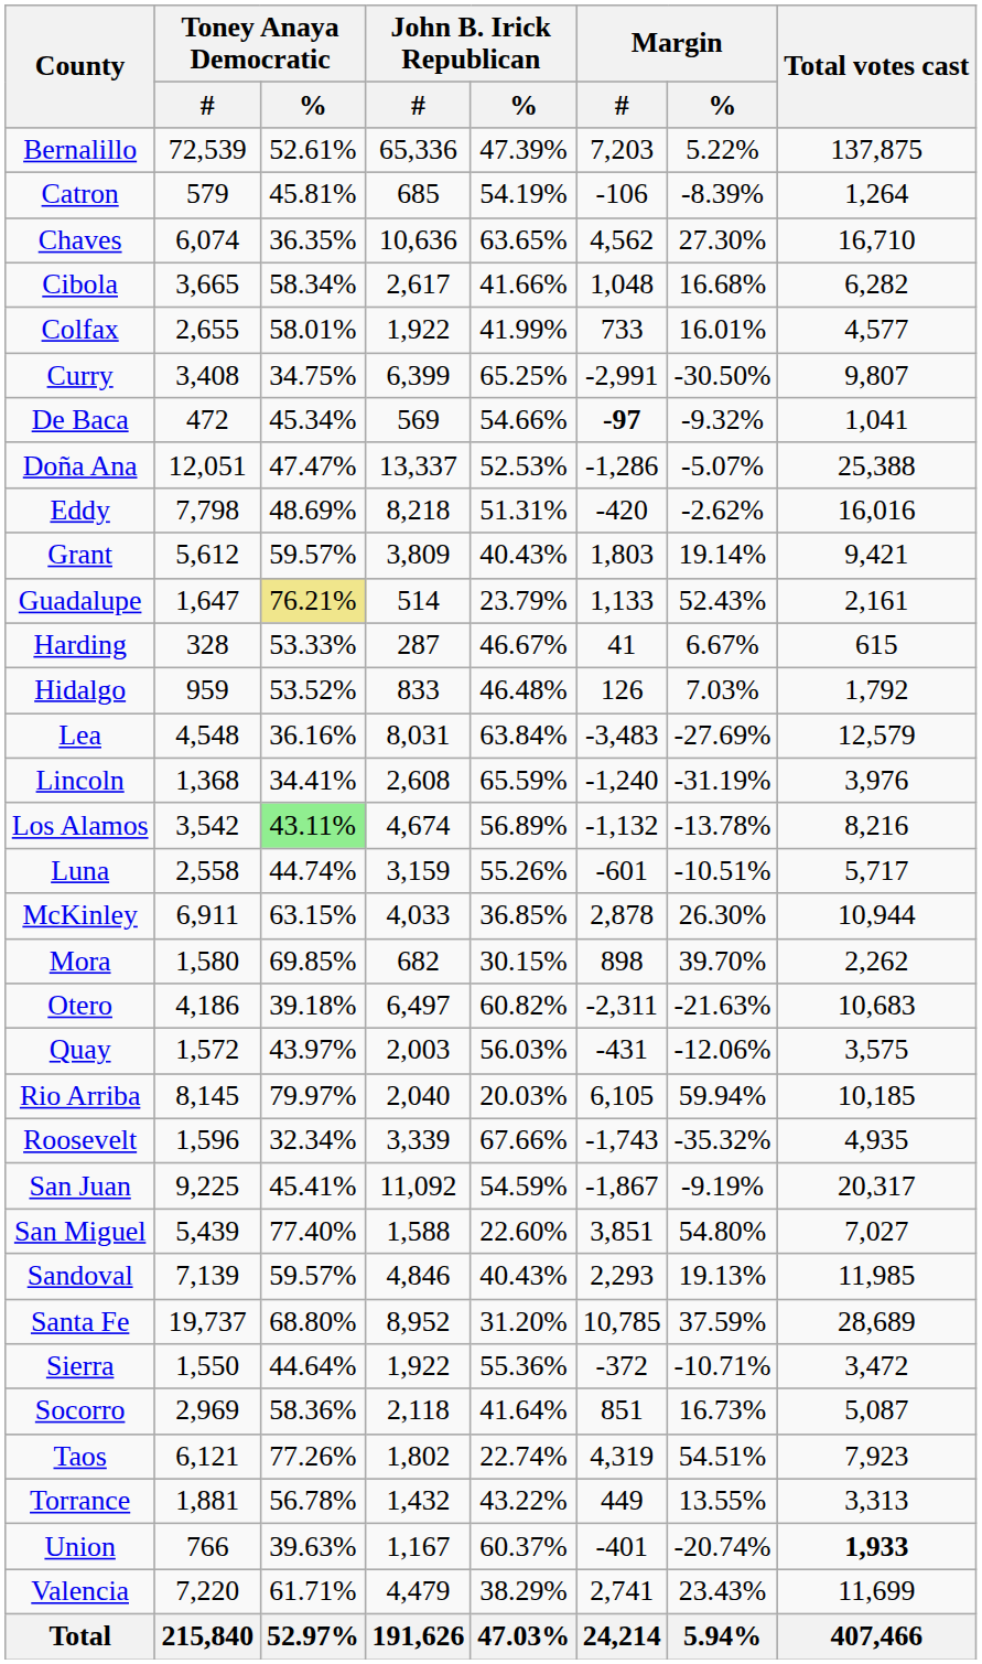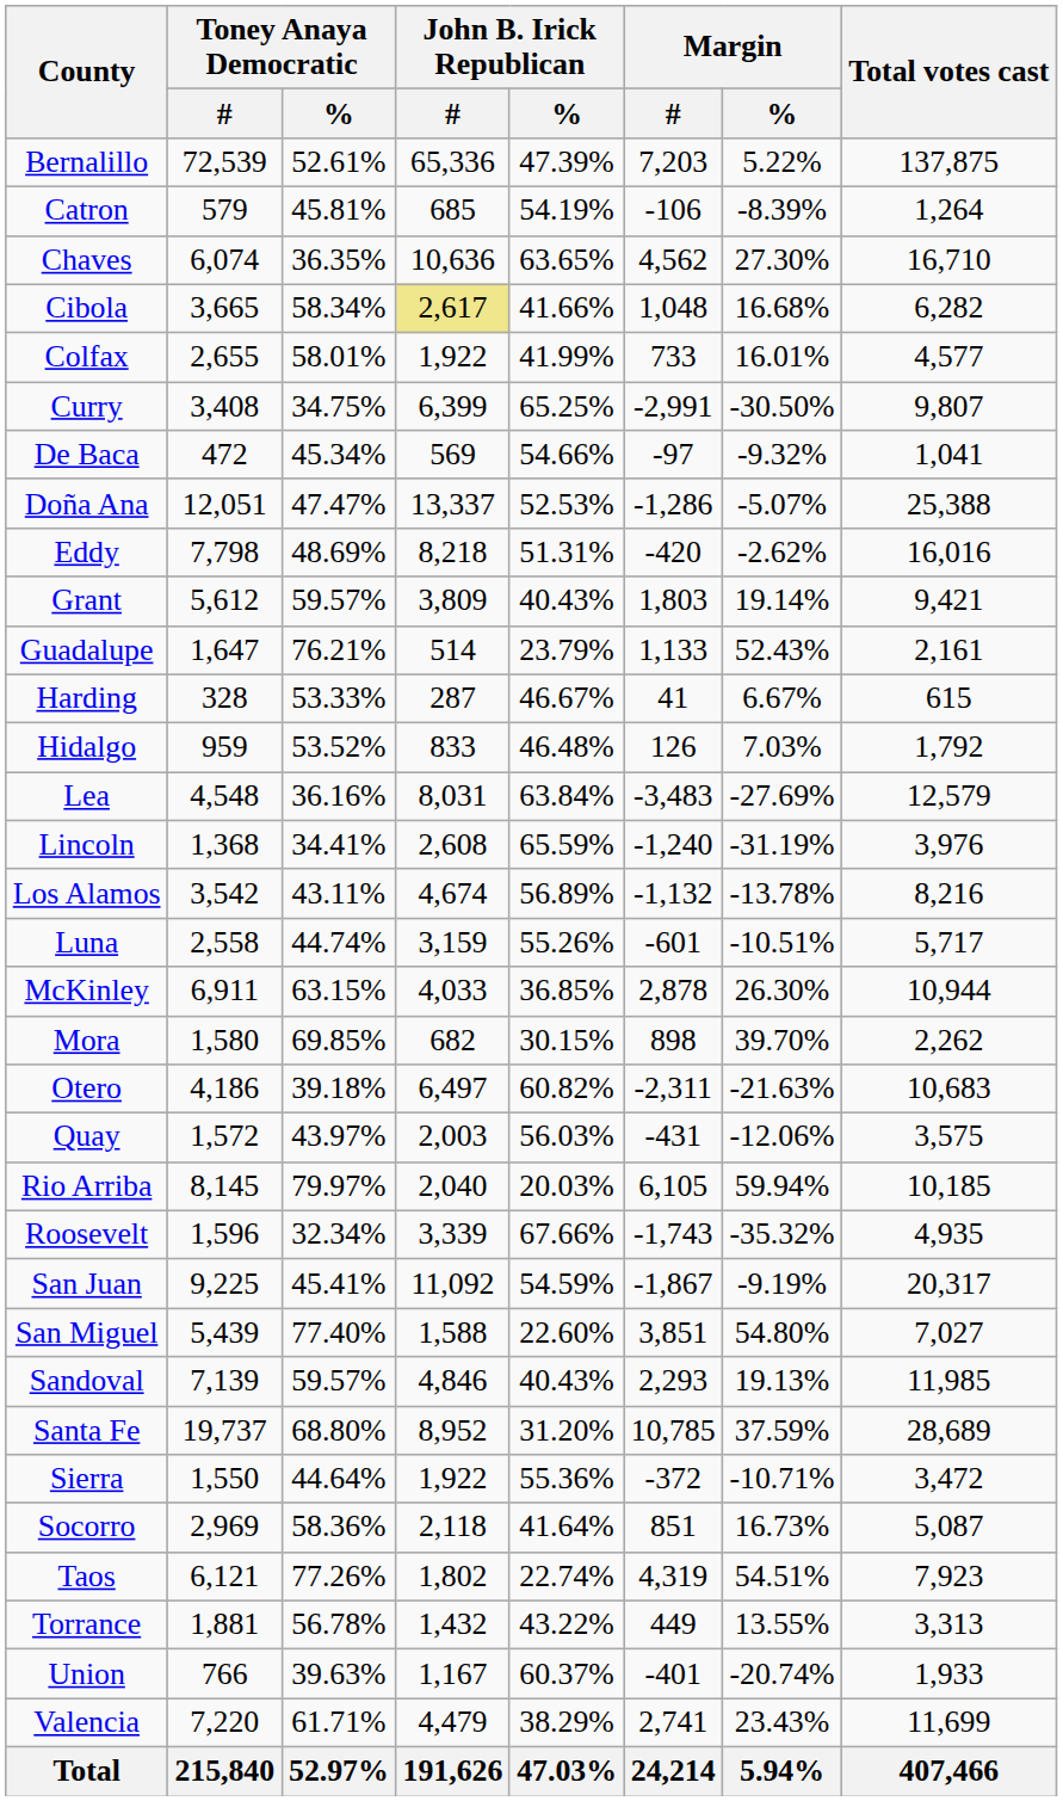 <table class="wikitable sortable" style="text-align:center">
 <tr>
 <th style="text-align:center;" rowspan="2">County</th>
 <th style="text-align:center;" colspan="2">Toney Anaya<br>Democratic</th>
 <th style="text-align:center;" colspan="2">John B. Irick<br>Republican</th>
 <th style="text-align:center;" colspan="2">Margin</th>
 <th style="text-align:center;" rowspan="2">Total votes cast</th>
 </tr>
 <tr>
 <th style="text-align:center;" data-sort-type="number">#</th>
 <th style="text-align:center;" data-sort-type="number">%</th>
 <th style="text-align:center;" data-sort-type="number">#</th>
 <th style="text-align:center;" data-sort-type="number">%</th>
 <th style="text-align:center;" data-sort-type="number">#</th>
 <th style="text-align:center;" data-sort-type="number">%</th>
 </tr>
 <tr style="text-align:center;">
 <td><a href='#'>Bernalillo</a></td>
 <td>72,539</td>
 <td>52.61%</td>
 <td>65,336</td>
 <td>47.39%</td>
 <td>7,203</td>
 <td>5.22%</td>
 <td>137,875</td>
 </tr>
 <tr style="text-align:center;">
 <td><a href='#'>Catron</a></td>
 <td>579</td>
 <td>45.81%</td>
 <td>685</td>
 <td>54.19%</td>
 <td>-106</td>
 <td>-8.39%</td>
 <td>1,264</td>
 </tr>
 <tr style="text-align:center;">
 <td><a href='#'>Chaves</a></td>
 <td>6,074</td>
 <td>36.35%</td>
 <td>10,636</td>
 <td>63.65%</td>
 <td>4,562</td>
 <td>27.30%</td>
 <td>16,710</td>
 </tr>
 <tr style="text-align:center;">
 <td><a href='#'>Cibola</a></td>
 <td>3,665</td>
 <td>58.34%</td>
-<td>2,617</td>
+<td style="background: khaki;">2,617</td>
 <td>41.66%</td>
 <td>1,048</td>
 <td>16.68%</td>
 <td>6,282</td>
 </tr>
 <tr style="text-align:center;">
 <td><a href='#'>Colfax</a></td>
 <td>2,655</td>
 <td>58.01%</td>
 <td>1,922</td>
 <td>41.99%</td>
 <td>733</td>
 <td>16.01%</td>
 <td>4,577</td>
 </tr>
 <tr style="text-align:center;">
 <td><a href='#'>Curry</a></td>
 <td>3,408</td>
 <td>34.75%</td>
 <td>6,399</td>
 <td>65.25%</td>
 <td>-2,991</td>
 <td>-30.50%</td>
 <td>9,807</td>
 </tr>
 <tr style="text-align:center;">
 <td><a href='#'>De Baca</a></td>
 <td>472</td>
 <td>45.34%</td>
 <td>569</td>
 <td>54.66%</td>
-<td><strong>-97</strong></td>
+<td>-97</td>
 <td>-9.32%</td>
 <td>1,041</td>
 </tr>
 <tr style="text-align:center;">
 <td><a href='#'>Doña Ana</a></td>
 <td>12,051</td>
 <td>47.47%</td>
 <td>13,337</td>
 <td>52.53%</td>
 <td>-1,286</td>
 <td>-5.07%</td>
 <td>25,388</td>
 </tr>
 <tr style="text-align:center;">
 <td><a href='#'>Eddy</a></td>
 <td>7,798</td>
 <td>48.69%</td>
 <td>8,218</td>
 <td>51.31%</td>
 <td>-420</td>
 <td>-2.62%</td>
 <td>16,016</td>
 </tr>
 <tr style="text-align:center;">
 <td><a href='#'>Grant</a></td>
 <td>5,612</td>
 <td>59.57%</td>
 <td>3,809</td>
 <td>40.43%</td>
 <td>1,803</td>
 <td>19.14%</td>
 <td>9,421</td>
 </tr>
 <tr style="text-align:center;">
 <td><a href='#'>Guadalupe</a></td>
 <td>1,647</td>
-<td style="background: khaki;">76.21%</td>
+<td>76.21%</td>
 <td>514</td>
 <td>23.79%</td>
 <td>1,133</td>
 <td>52.43%</td>
 <td>2,161</td>
 </tr>
 <tr style="text-align:center;">
 <td><a href='#'>Harding</a></td>
 <td>328</td>
 <td>53.33%</td>
 <td>287</td>
 <td>46.67%</td>
 <td>41</td>
 <td>6.67%</td>
 <td>615</td>
 </tr>
 <tr style="text-align:center;">
 <td><a href='#'>Hidalgo</a></td>
 <td>959</td>
 <td>53.52%</td>
 <td>833</td>
 <td>46.48%</td>
 <td>126</td>
 <td>7.03%</td>
 <td>1,792</td>
 </tr>
 <tr style="text-align:center;">
 <td><a href='#'>Lea</a></td>
 <td>4,548</td>
 <td>36.16%</td>
 <td>8,031</td>
 <td>63.84%</td>
 <td>-3,483</td>
 <td>-27.69%</td>
 <td>12,579</td>
 </tr>
 <tr style="text-align:center;">
 <td><a href='#'>Lincoln</a></td>
 <td>1,368</td>
 <td>34.41%</td>
 <td>2,608</td>
 <td>65.59%</td>
 <td>-1,240</td>
 <td>-31.19%</td>
 <td>3,976</td>
 </tr>
 <tr style="text-align:center;">
 <td><a href='#'>Los Alamos</a></td>
 <td>3,542</td>
-<td style="background: lightgreen;">43.11%</td>
+<td>43.11%</td>
 <td>4,674</td>
 <td>56.89%</td>
 <td>-1,132</td>
 <td>-13.78%</td>
 <td>8,216</td>
 </tr>
 <tr style="text-align:center;">
 <td><a href='#'>Luna</a></td>
 <td>2,558</td>
 <td>44.74%</td>
 <td>3,159</td>
 <td>55.26%</td>
 <td>-601</td>
 <td>-10.51%</td>
 <td>5,717</td>
 </tr>
 <tr style="text-align:center;">
 <td><a href='#'>McKinley</a></td>
 <td>6,911</td>
 <td>63.15%</td>
 <td>4,033</td>
 <td>36.85%</td>
 <td>2,878</td>
 <td>26.30%</td>
 <td>10,944</td>
 </tr>
 <tr style="text-align:center;">
 <td><a href='#'>Mora</a></td>
 <td>1,580</td>
 <td>69.85%</td>
 <td>682</td>
 <td>30.15%</td>
 <td>898</td>
 <td>39.70%</td>
 <td>2,262</td>
 </tr>
 <tr style="text-align:center;">
 <td><a href='#'>Otero</a></td>
 <td>4,186</td>
 <td>39.18%</td>
 <td>6,497</td>
 <td>60.82%</td>
 <td>-2,311</td>
 <td>-21.63%</td>
 <td>10,683</td>
 </tr>
 <tr style="text-align:center;">
 <td><a href='#'>Quay</a></td>
 <td>1,572</td>
 <td>43.97%</td>
 <td>2,003</td>
 <td>56.03%</td>
 <td>-431</td>
 <td>-12.06%</td>
 <td>3,575</td>
 </tr>
 <tr style="text-align:center;">
 <td><a href='#'>Rio Arriba</a></td>
 <td>8,145</td>
 <td>79.97%</td>
 <td>2,040</td>
 <td>20.03%</td>
 <td>6,105</td>
 <td>59.94%</td>
 <td>10,185</td>
 </tr>
 <tr style="text-align:center;">
 <td><a href='#'>Roosevelt</a></td>
 <td>1,596</td>
 <td>32.34%</td>
 <td>3,339</td>
 <td>67.66%</td>
 <td>-1,743</td>
 <td>-35.32%</td>
 <td>4,935</td>
 </tr>
 <tr style="text-align:center;">
 <td><a href='#'>San Juan</a></td>
 <td>9,225</td>
 <td>45.41%</td>
 <td>11,092</td>
 <td>54.59%</td>
 <td>-1,867</td>
 <td>-9.19%</td>
 <td>20,317</td>
 </tr>
 <tr style="text-align:center;">
 <td><a href='#'>San Miguel</a></td>
 <td>5,439</td>
 <td>77.40%</td>
 <td>1,588</td>
 <td>22.60%</td>
 <td>3,851</td>
 <td>54.80%</td>
 <td>7,027</td>
 </tr>
 <tr style="text-align:center;">
 <td><a href='#'>Sandoval</a></td>
 <td>7,139</td>
 <td>59.57%</td>
 <td>4,846</td>
 <td>40.43%</td>
 <td>2,293</td>
 <td>19.13%</td>
 <td>11,985</td>
 </tr>
 <tr style="text-align:center;">
 <td><a href='#'>Santa Fe</a></td>
 <td>19,737</td>
 <td>68.80%</td>
 <td>8,952</td>
 <td>31.20%</td>
 <td>10,785</td>
 <td>37.59%</td>
 <td>28,689</td>
 </tr>
 <tr style="text-align:center;">
 <td><a href='#'>Sierra</a></td>
 <td>1,550</td>
 <td>44.64%</td>
 <td>1,922</td>
 <td>55.36%</td>
 <td>-372</td>
 <td>-10.71%</td>
 <td>3,472</td>
 </tr>
 <tr style="text-align:center;">
 <td><a href='#'>Socorro</a></td>
 <td>2,969</td>
 <td>58.36%</td>
 <td>2,118</td>
 <td>41.64%</td>
 <td>851</td>
 <td>16.73%</td>
 <td>5,087</td>
 </tr>
 <tr style="text-align:center;">
 <td><a href='#'>Taos</a></td>
 <td>6,121</td>
 <td>77.26%</td>
 <td>1,802</td>
 <td>22.74%</td>
 <td>4,319</td>
 <td>54.51%</td>
 <td>7,923</td>
 </tr>
 <tr style="text-align:center;">
 <td><a href='#'>Torrance</a></td>
 <td>1,881</td>
 <td>56.78%</td>
 <td>1,432</td>
 <td>43.22%</td>
 <td>449</td>
 <td>13.55%</td>
 <td>3,313</td>
 </tr>
 <tr style="text-align:center;">
 <td><a href='#'>Union</a></td>
 <td>766</td>
 <td>39.63%</td>
 <td>1,167</td>
 <td>60.37%</td>
 <td>-401</td>
 <td>-20.74%</td>
-<td><strong>1,933</strong></td>
+<td>1,933</td>
 </tr>
 <tr style="text-align:center;">
 <td><a href='#'>Valencia</a></td>
 <td>7,220</td>
 <td>61.71%</td>
 <td>4,479</td>
 <td>38.29%</td>
 <td>2,741</td>
 <td>23.43%</td>
 <td>11,699</td>
 </tr>
 <tr style="text-align:center;">
 <th>Total</th>
 <th>215,840</th>
 <th>52.97%</th>
 <th>191,626</th>
 <th>47.03%</th>
 <th>24,214</th>
 <th>5.94%</th>
 <th>407,466</th>
 </tr>
 </table>
